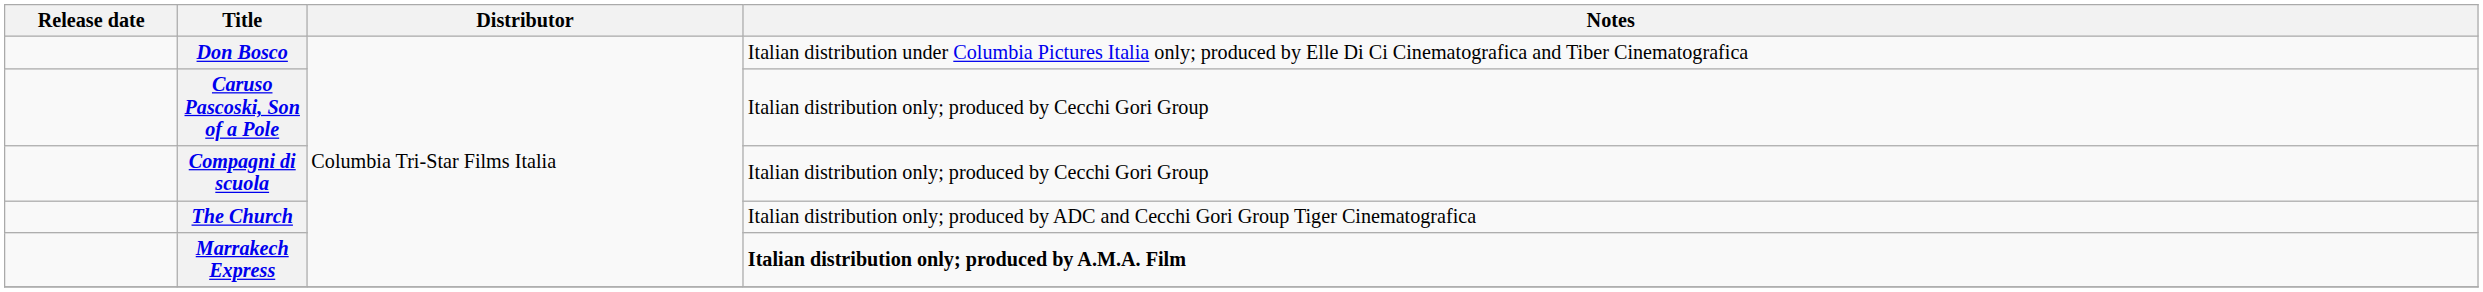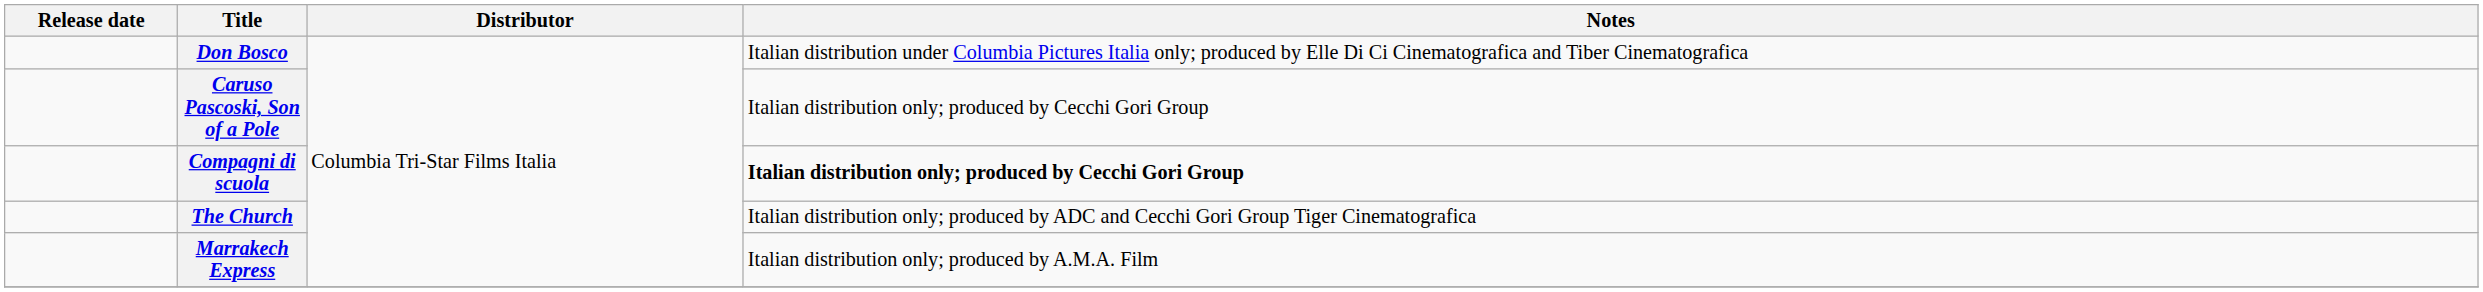 <table class="wikitable plainrowheaders sortable" style="width:99%;">
 <tr>
 <th scope="col" style="width:130px;">Release date</th>
 <th scope="col" style="width:95px;">Title</th>
 <th scope="col">Distributor</th>
 <th scope="col" class="unsortable">Notes</th>
 </tr>
 <tr>
 <td style="text-align:right;"></td>
 <th scope="row"><em><a href='#'>Don Bosco</a></em></th>
 <td rowspan=5>Columbia Tri-Star Films Italia</td>
 <td>Italian distribution under <a href='#'>Columbia Pictures Italia</a> only; produced by Elle Di Ci Cinematografica and Tiber Cinematografica</td>
 </tr>
 <tr>
 <td style="text-align:right;"></td>
 <th scope="row"><em><a href='#'>Caruso Pascoski, Son of a Pole</a></em></th>
 <td>Italian distribution only; produced by Cecchi Gori Group</td>
 </tr>
 <tr>
 <td style="text-align:right;"></td>
 <th scope="row"><em><a href='#'>Compagni di scuola</a></em></th>
-<td>Italian distribution only; produced by Cecchi Gori Group</td>
+<td><strong>Italian distribution only; produced by Cecchi Gori Group</strong></td>
 </tr>
 <tr>
 <td style="text-align:right;"></td>
 <th scope="row"><em><a href='#'>The Church</a></em></th>
 <td>Italian distribution only; produced by ADC and Cecchi Gori Group Tiger Cinematografica</td>
 </tr>
 <tr>
 <td style="text-align:right;"></td>
 <th scope="row"><em><a href='#'>Marrakech Express</a></em></th>
-<td><strong>Italian distribution only; produced by A.M.A. Film</strong></td>
+<td>Italian distribution only; produced by A.M.A. Film</td>
 </tr>
 <tr>
 </tr>
 </table>
